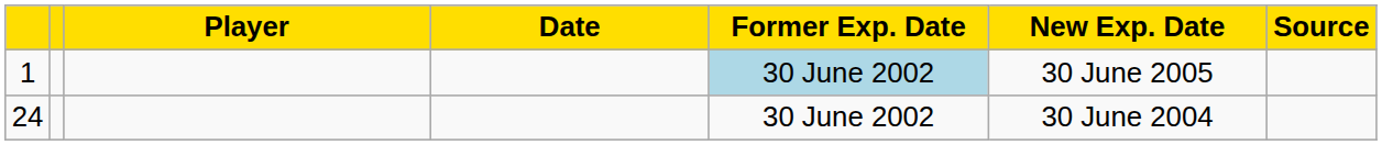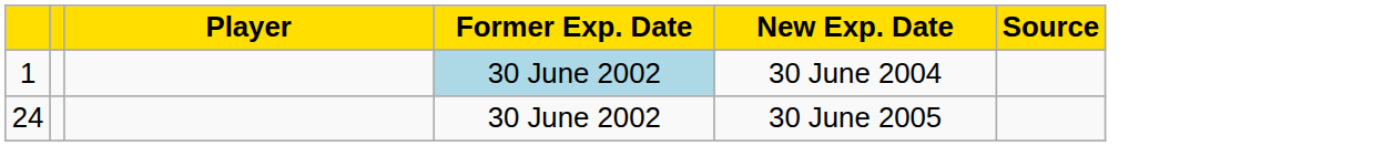 <table class="wikitable sortable">
 <tr>
 <th style="background:#FFDE00"></th>
 <th style="background:#FFDE00"></th>
 <th width=200 style="background:#FFDE00">Player</th>
-<th width=150 style="background:#FFDE00">Date</th>
 <th width=150 style="background:#FFDE00">Former Exp. Date</th>
 <th width=150 style="background:#FFDE00">New Exp. Date</th>
 <th style="background:#FFDE00">Source</th>
 </tr>
 <tr>
 <td align=center>1</td>
 <td align=center></td>
 <td></td>
-<td align=center></td>
 <td align=center style="background: lightblue;">30 June 2002</td>
-<td align=center>30 June 2005</td>
+<td align=center>30 June 2004</td>
 <td align=center></td>
 </tr>
 <tr>
 <td align=center>24</td>
 <td align=center></td>
 <td></td>
-<td align=center></td>
 <td align=center>30 June 2002</td>
-<td align=center>30 June 2004</td>
+<td align=center>30 June 2005</td>
 <td align=center></td>
 </tr>
 </table>
